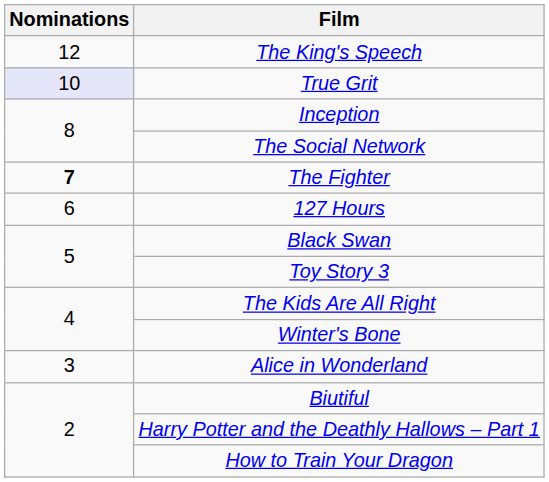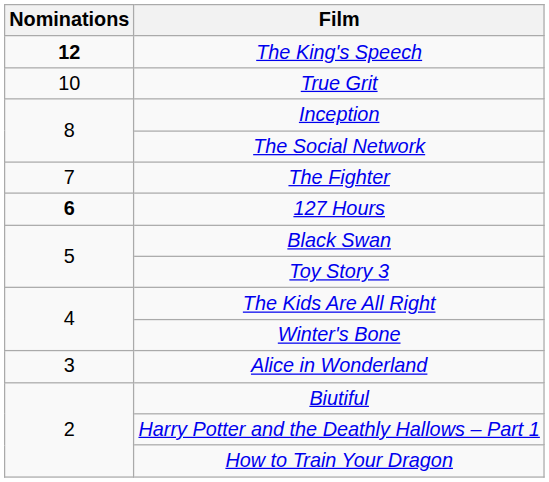 <table class="wikitable" style="text-align: center;">
 <tr>
 <th scope="col">Nominations</th>
 <th scope="col" align="center">Film</th>
 </tr>
 <tr>
-<td style="text-align: center;">12</td>
+<td style="text-align: center;"><strong>12</strong></td>
 <td><em><a href='#'>The King's Speech</a></em></td>
 </tr>
 <tr>
-<td style="background: lavender; text-align: center;">10</td>
+<td style="text-align: center;">10</td>
 <td><em><a href='#'>True Grit</a></em></td>
 </tr>
 <tr>
 <td rowspan=2 style="text-align:center">8</td>
 <td><em><a href='#'>Inception</a></em></td>
 </tr>
 <tr>
 <td><em><a href='#'>The Social Network</a></em></td>
 </tr>
 <tr>
-<td style="text-align: center;"><strong>7</strong></td>
+<td style="text-align: center;">7</td>
 <td><em><a href='#'>The Fighter</a></em></td>
 </tr>
 <tr>
-<td style="text-align: center;">6</td>
+<td style="text-align: center;"><strong>6</strong></td>
 <td><em><a href='#'>127 Hours</a></em></td>
 </tr>
 <tr>
 <td rowspan=2 style="text-align:center">5</td>
 <td><em><a href='#'>Black Swan</a></em></td>
 </tr>
 <tr>
 <td><em><a href='#'>Toy Story 3</a></em></td>
 </tr>
 <tr>
 <td rowspan=2 style="text-align:center">4</td>
 <td><em><a href='#'>The Kids Are All Right</a></em></td>
 </tr>
 <tr>
 <td><em><a href='#'>Winter's Bone</a></em></td>
 </tr>
 <tr>
 <td style="text-align: center;">3</td>
 <td><em><a href='#'>Alice in Wonderland</a></em></td>
 </tr>
 <tr>
 <td rowspan=3 style="text-align:center">2</td>
 <td><em><a href='#'>Biutiful</a></em></td>
 </tr>
 <tr>
 <td><em><a href='#'>Harry Potter and the Deathly Hallows – Part 1</a></em></td>
 </tr>
 <tr>
 <td><em><a href='#'>How to Train Your Dragon</a></em></td>
 </tr>
 </table>
